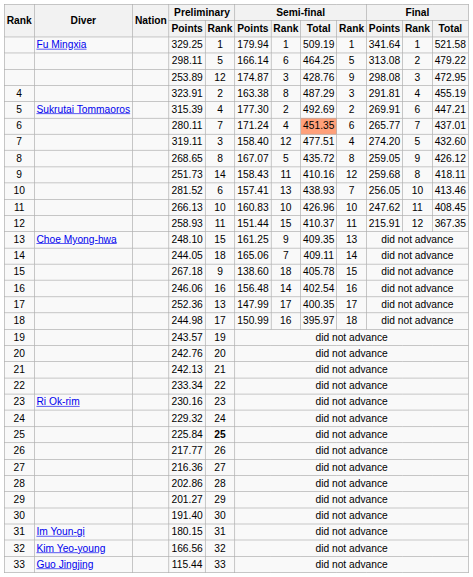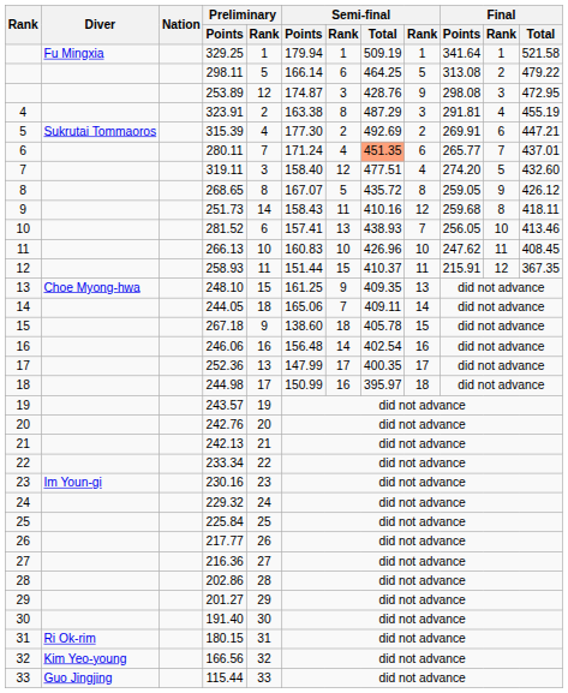 <table class="wikitable sortable" style="text-align:center;">
 <tr>
 <th rowspan=2>Rank</th>
 <th rowspan=2>Diver</th>
 <th rowspan=2>Nation</th>
 <th colspan=2>Preliminary</th>
 <th colspan=4>Semi-final</th>
 <th colspan=3>Final</th>
 </tr>
 <tr>
 <th>Points</th>
 <th>Rank</th>
 <th>Points</th>
 <th>Rank</th>
 <th>Total</th>
 <th>Rank</th>
 <th>Points</th>
 <th>Rank</th>
 <th>Total</th>
 </tr>
 <tr>
 <td></td>
 <td align=left><a href='#'>Fu Mingxia</a></td>
 <td align=left></td>
 <td>329.25</td>
 <td>1</td>
 <td>179.94</td>
 <td>1</td>
 <td>509.19</td>
 <td>1</td>
 <td>341.64</td>
 <td>1</td>
 <td>521.58</td>
 </tr>
 <tr>
 <td></td>
 <td align=left></td>
 <td align=left></td>
 <td>298.11</td>
 <td>5</td>
 <td>166.14</td>
 <td>6</td>
 <td>464.25</td>
 <td>5</td>
 <td>313.08</td>
 <td>2</td>
 <td>479.22</td>
 </tr>
 <tr>
 <td></td>
 <td align=left></td>
 <td align=left></td>
 <td>253.89</td>
 <td>12</td>
 <td>174.87</td>
 <td>3</td>
 <td>428.76</td>
 <td>9</td>
 <td>298.08</td>
 <td>3</td>
 <td>472.95</td>
 </tr>
 <tr>
 <td>4</td>
 <td align=left></td>
 <td align=left></td>
 <td>323.91</td>
 <td>2</td>
 <td>163.38</td>
 <td>8</td>
 <td>487.29</td>
 <td>3</td>
 <td>291.81</td>
 <td>4</td>
 <td>455.19</td>
 </tr>
 <tr>
 <td>5</td>
 <td align=left><a href='#'>Sukrutai Tommaoros</a></td>
 <td align=left></td>
 <td>315.39</td>
 <td>4</td>
 <td>177.30</td>
 <td>2</td>
 <td>492.69</td>
 <td>2</td>
 <td>269.91</td>
 <td>6</td>
 <td>447.21</td>
 </tr>
 <tr>
 <td>6</td>
 <td align=left></td>
 <td align=left></td>
 <td>280.11</td>
 <td>7</td>
 <td>171.24</td>
 <td>4</td>
 <td style="background: lightsalmon;">451.35</td>
 <td>6</td>
 <td>265.77</td>
 <td>7</td>
 <td>437.01</td>
 </tr>
 <tr>
 <td>7</td>
 <td align=left></td>
 <td align=left></td>
 <td>319.11</td>
 <td>3</td>
 <td>158.40</td>
 <td>12</td>
 <td>477.51</td>
 <td>4</td>
 <td>274.20</td>
 <td>5</td>
 <td>432.60</td>
 </tr>
 <tr>
 <td>8</td>
 <td align=left></td>
 <td align=left></td>
 <td>268.65</td>
 <td>8</td>
 <td>167.07</td>
 <td>5</td>
 <td>435.72</td>
 <td>8</td>
 <td>259.05</td>
 <td>9</td>
 <td>426.12</td>
 </tr>
 <tr>
 <td>9</td>
 <td align=left></td>
 <td align=left></td>
 <td>251.73</td>
 <td>14</td>
 <td>158.43</td>
 <td>11</td>
 <td>410.16</td>
 <td>12</td>
 <td>259.68</td>
 <td>8</td>
 <td>418.11</td>
 </tr>
 <tr>
 <td>10</td>
 <td align=left></td>
 <td align=left></td>
 <td>281.52</td>
 <td>6</td>
 <td>157.41</td>
 <td>13</td>
 <td>438.93</td>
 <td>7</td>
 <td>256.05</td>
 <td>10</td>
 <td>413.46</td>
 </tr>
 <tr>
 <td>11</td>
 <td align=left></td>
 <td align=left></td>
 <td>266.13</td>
 <td>10</td>
 <td>160.83</td>
 <td>10</td>
 <td>426.96</td>
 <td>10</td>
 <td>247.62</td>
 <td>11</td>
 <td>408.45</td>
 </tr>
 <tr>
 <td>12</td>
 <td align=left></td>
 <td align=left></td>
 <td>258.93</td>
 <td>11</td>
 <td>151.44</td>
 <td>15</td>
 <td>410.37</td>
 <td>11</td>
 <td>215.91</td>
 <td>12</td>
 <td>367.35</td>
 </tr>
 <tr>
 <td>13</td>
 <td align=left><a href='#'>Choe Myong-hwa</a></td>
 <td align=left></td>
 <td>248.10</td>
 <td>15</td>
 <td>161.25</td>
 <td>9</td>
 <td>409.35</td>
 <td>13</td>
 <td colspan=3>did not advance</td>
 </tr>
 <tr>
 <td>14</td>
 <td align=left></td>
 <td align=left></td>
 <td>244.05</td>
 <td>18</td>
 <td>165.06</td>
 <td>7</td>
 <td>409.11</td>
 <td>14</td>
 <td colspan=3>did not advance</td>
 </tr>
 <tr>
 <td>15</td>
 <td align=left></td>
 <td align=left></td>
 <td>267.18</td>
 <td>9</td>
 <td>138.60</td>
 <td>18</td>
 <td>405.78</td>
 <td>15</td>
 <td colspan=3>did not advance</td>
 </tr>
 <tr>
 <td>16</td>
 <td align=left></td>
 <td align=left></td>
 <td>246.06</td>
 <td>16</td>
 <td>156.48</td>
 <td>14</td>
 <td>402.54</td>
 <td>16</td>
 <td colspan=3>did not advance</td>
 </tr>
 <tr>
 <td>17</td>
 <td align=left></td>
 <td align=left></td>
 <td>252.36</td>
 <td>13</td>
 <td>147.99</td>
 <td>17</td>
 <td>400.35</td>
 <td>17</td>
 <td colspan=3>did not advance</td>
 </tr>
 <tr>
 <td>18</td>
 <td align=left></td>
 <td align=left></td>
 <td>244.98</td>
 <td>17</td>
 <td>150.99</td>
 <td>16</td>
 <td>395.97</td>
 <td>18</td>
 <td colspan=3>did not advance</td>
 </tr>
 <tr>
 <td>19</td>
 <td align=left></td>
 <td align=left></td>
 <td>243.57</td>
 <td>19</td>
 <td colspan=7>did not advance</td>
 </tr>
 <tr>
 <td>20</td>
 <td align=left></td>
 <td align=left></td>
 <td>242.76</td>
 <td>20</td>
 <td colspan=7>did not advance</td>
 </tr>
 <tr>
 <td>21</td>
 <td align=left></td>
 <td align=left></td>
 <td>242.13</td>
 <td>21</td>
 <td colspan=7>did not advance</td>
 </tr>
 <tr>
 <td>22</td>
 <td align=left></td>
 <td align=left></td>
 <td>233.34</td>
 <td>22</td>
 <td colspan=7>did not advance</td>
 </tr>
 <tr>
 <td>23</td>
-<td align=left><a href='#'>Ri Ok-rim</a></td>
+<td align=left><a href='#'>Im Youn-gi</a></td>
 <td align=left></td>
 <td>230.16</td>
 <td>23</td>
 <td colspan=7>did not advance</td>
 </tr>
 <tr>
 <td>24</td>
 <td align=left></td>
 <td align=left></td>
 <td>229.32</td>
 <td>24</td>
 <td colspan=7>did not advance</td>
 </tr>
 <tr>
 <td>25</td>
 <td align=left></td>
 <td align=left></td>
 <td>225.84</td>
-<td><strong>25</strong></td>
+<td>25</td>
 <td colspan=7>did not advance</td>
 </tr>
 <tr>
 <td>26</td>
 <td align=left></td>
 <td align=left></td>
 <td>217.77</td>
 <td>26</td>
 <td colspan=7>did not advance</td>
 </tr>
 <tr>
 <td>27</td>
 <td align=left></td>
 <td align=left></td>
 <td>216.36</td>
 <td>27</td>
 <td colspan=7>did not advance</td>
 </tr>
 <tr>
 <td>28</td>
 <td align=left></td>
 <td align=left></td>
 <td>202.86</td>
 <td>28</td>
 <td colspan=7>did not advance</td>
 </tr>
 <tr>
 <td>29</td>
 <td align=left></td>
 <td align=left></td>
 <td>201.27</td>
 <td>29</td>
 <td colspan=7>did not advance</td>
 </tr>
 <tr>
 <td>30</td>
 <td align=left></td>
 <td align=left></td>
 <td>191.40</td>
 <td>30</td>
 <td colspan=7>did not advance</td>
 </tr>
 <tr>
 <td>31</td>
-<td align=left><a href='#'>Im Youn-gi</a></td>
+<td align=left><a href='#'>Ri Ok-rim</a></td>
 <td align=left></td>
 <td>180.15</td>
 <td>31</td>
 <td colspan=7>did not advance</td>
 </tr>
 <tr>
 <td>32</td>
 <td align=left><a href='#'>Kim Yeo-young</a></td>
 <td align=left></td>
 <td>166.56</td>
 <td>32</td>
 <td colspan=7>did not advance</td>
 </tr>
 <tr>
 <td>33</td>
 <td align=left><a href='#'>Guo Jingjing</a></td>
 <td align=left></td>
 <td>115.44</td>
 <td>33</td>
 <td colspan=7>did not advance</td>
 </tr>
 </table>
